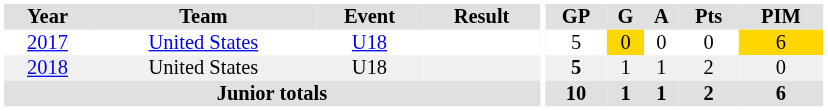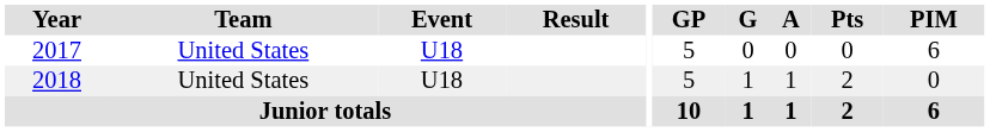 <table border="0" cellpadding="1" cellspacing="0" ID="Table3" style="text-align:center; width:40em">
 <tr ALIGN="center" bgcolor="#e0e0e0">
 <th>Year</th>
 <th>Team</th>
 <th>Event</th>
 <th>Result</th>
 <th rowspan="99" bgcolor="#ffffff"></th>
 <th>GP</th>
 <th>G</th>
 <th>A</th>
 <th>Pts</th>
 <th>PIM</th>
 </tr>
 <tr>
 <td><a href='#'>2017</a></td>
 <td><a href='#'>United States</a></td>
 <td><a href='#'>U18</a></td>
 <td></td>
 <td>5</td>
-<td style="background: gold;">0</td>
 <td>0</td>
 <td>0</td>
-<td style="background: gold;">6</td>
+<td>0</td>
+<td>6</td>
 </tr>
 <tr bgcolor="#f0f0f0">
 <td><a href='#'>2018</a></td>
 <td>United States</td>
 <td>U18</td>
 <td></td>
-<td><strong>5</strong></td>
+<td>5</td>
 <td>1</td>
 <td>1</td>
 <td>2</td>
 <td>0</td>
 </tr>
 <tr bgcolor="#e0e0e0">
 <th colspan="4">Junior totals</th>
 <th>10</th>
 <th>1</th>
 <th>1</th>
 <th>2</th>
 <th>6</th>
 </tr>
 </table>
